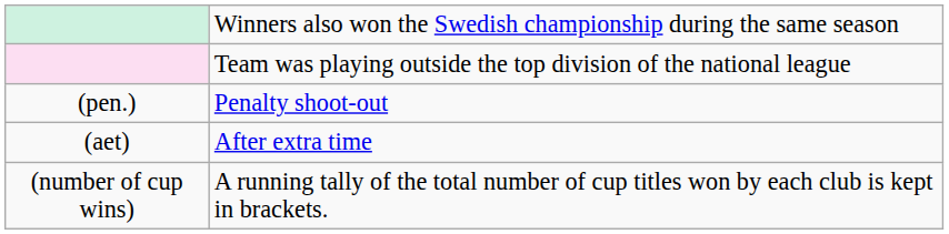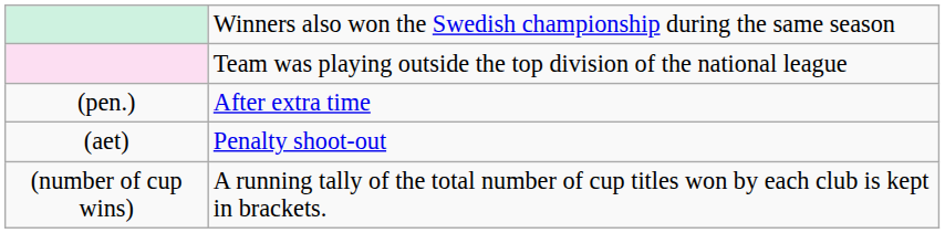 <table class="wikitable">
 <tr>
 <td bgcolor="#CEF2E0" align="center"><sup></sup></td>
 <td>Winners also won the <a href='#'>Swedish championship</a> during the same season</td>
 </tr>
 <tr>
 <td bgcolor="FCDEF2" align="center"><sup></sup></td>
 <td>Team was playing outside the top division of the national league</td>
 </tr>
 <tr>
 <td align="center">(pen.)</td>
-<td><a href='#'>Penalty shoot-out</a></td>
+<td><a href='#'>After extra time</a></td>
 </tr>
 <tr>
 <td align="center">(aet)</td>
-<td><a href='#'>After extra time</a></td>
+<td><a href='#'>Penalty shoot-out</a></td>
 </tr>
 <tr>
 <td align="center">(number of cup wins)</td>
 <td>A running tally of the total number of cup titles won by each club is kept in brackets.</td>
 </tr>
 </table>
